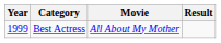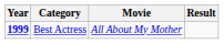 <table class="wikitable">
 <tr>
 <th>Year</th>
 <th>Category</th>
 <th>Movie</th>
 <th>Result</th>
 </tr>
 <tr>
-<td><a href='#'>1999</a></td>
+<td><strong><a href='#'>1999</a></strong></td>
 <td><a href='#'>Best Actress</a></td>
 <td><em><a href='#'>All About My Mother</a></em></td>
 <td></td>
 </tr>
 </table>
